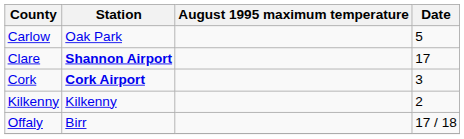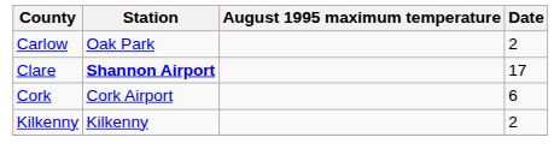 <table class="wikitable sortable" style="margin:auto;">
 <tr>
 <th>County</th>
 <th>Station</th>
 <th>August 1995 maximum temperature</th>
 <th>Date</th>
 </tr>
 <tr>
 <td><a href='#'>Carlow</a></td>
 <td><a href='#'>Oak Park</a></td>
 <td></td>
-<td>5</td>
+<td>2</td>
 </tr>
 <tr>
 <td><a href='#'>Clare</a></td>
 <td><strong><a href='#'>Shannon Airport</a></strong></td>
 <td></td>
 <td>17</td>
 </tr>
 <tr>
 <td><a href='#'>Cork</a></td>
-<td><strong><a href='#'>Cork Airport</a></strong></td>
+<td><a href='#'>Cork Airport</a></td>
 <td></td>
-<td>3</td>
+<td>6</td>
 </tr>
 <tr>
 <td><a href='#'>Kilkenny</a></td>
 <td><a href='#'>Kilkenny</a></td>
 <td></td>
 <td>2</td>
 </tr>
 <tr>
-<td><a href='#'>Offaly</a></td>
-<td><a href='#'>Birr</a></td>
-<td></td>
-<td>17 / 18</td>
-</tr>
-<tr>
 </tr>
 </table>
